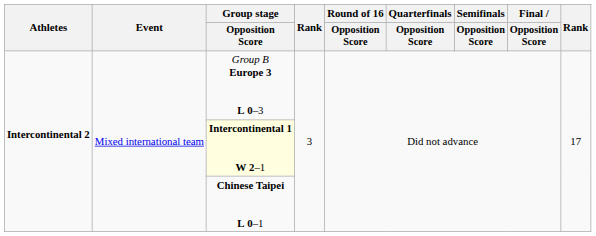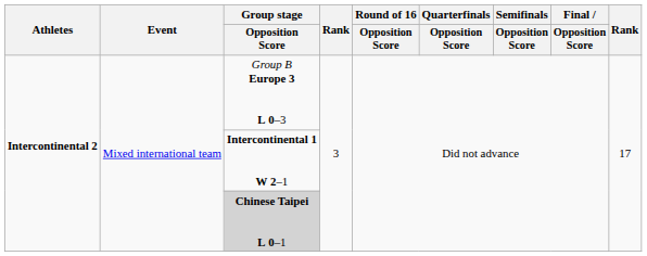 <table class=wikitable style="font-size:90%">
 <tr>
 <th rowspan="2">Athletes</th>
 <th rowspan="2">Event</th>
 <th>Group stage</th>
 <th rowspan="2">Rank</th>
 <th>Round of 16</th>
 <th>Quarterfinals</th>
 <th>Semifinals</th>
 <th>Final / </th>
 <th rowspan=2>Rank</th>
 </tr>
 <tr style="font-size:95%">
 <th>Opposition<br>Score</th>
 <th>Opposition<br>Score</th>
 <th>Opposition<br>Score</th>
 <th>Opposition<br>Score</th>
 <th>Opposition<br>Score</th>
 </tr>
 <tr align=center>
 <td align=left rowspan=3><strong>Intercontinental 2</strong><br><br></td>
 <td align=left rowspan=3><a href='#'>Mixed international team</a></td>
 <td><em>Group B</em><br><strong>Europe 3</strong><br><br><br><strong>L</strong> <strong>0</strong>–3</td>
 <td rowspan=3>3</td>
 <td rowspan=3 colspan=4>Did not advance</td>
 <td rowspan=3>17</td>
 </tr>
 <tr align=center>
-<td style="background: lightyellow;"><strong>Intercontinental 1</strong><br><br><br><strong>W</strong> <strong>2</strong>–1</td>
+<td><strong>Intercontinental 1</strong><br><br><br><strong>W</strong> <strong>2</strong>–1</td>
 </tr>
 <tr align=center>
-<td><strong>Chinese Taipei</strong><br><br><br><strong>L</strong> <strong>0</strong>–1</td>
+<td style="background: lightgrey;"><strong>Chinese Taipei</strong><br><br><br><strong>L</strong> <strong>0</strong>–1</td>
 </tr>
 </table>
